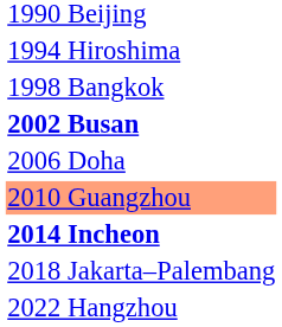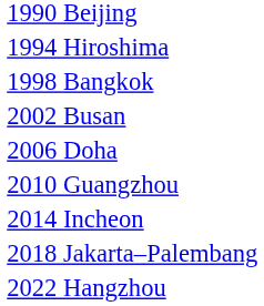 <table>
 <tr>
 <td><a href='#'>1990 Beijing</a></td>
 <td></td>
 <td></td>
 <td></td>
 </tr>
 <tr>
 <td rowspan=2><a href='#'>1994 Hiroshima</a></td>
 <td rowspan=2></td>
 <td rowspan=2></td>
 <td></td>
 </tr>
 <tr>
 <td></td>
 </tr>
 <tr>
 <td><a href='#'>1998 Bangkok</a></td>
 <td></td>
 <td></td>
 <td></td>
 </tr>
 <tr>
-<td><strong><a href='#'>2002 Busan</a></strong></td>
+<td><a href='#'>2002 Busan</a></td>
 <td></td>
 <td></td>
 <td></td>
 </tr>
 <tr>
 <td><a href='#'>2006 Doha</a></td>
 <td></td>
 <td></td>
 <td></td>
 </tr>
 <tr>
-<td style="background: lightsalmon;"><a href='#'>2010 Guangzhou</a></td>
+<td><a href='#'>2010 Guangzhou</a></td>
 <td></td>
 <td></td>
 <td></td>
 </tr>
 <tr>
-<td><strong><a href='#'>2014 Incheon</a></strong></td>
+<td><a href='#'>2014 Incheon</a></td>
 <td></td>
 <td></td>
 <td></td>
 </tr>
 <tr>
 <td><a href='#'>2018 Jakarta–Palembang</a></td>
 <td></td>
 <td></td>
 <td></td>
 </tr>
 <tr>
 <td><a href='#'>2022 Hangzhou</a></td>
 <td></td>
 <td></td>
 <td></td>
 </tr>
 </table>
